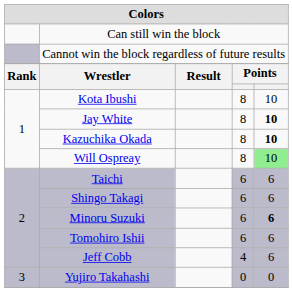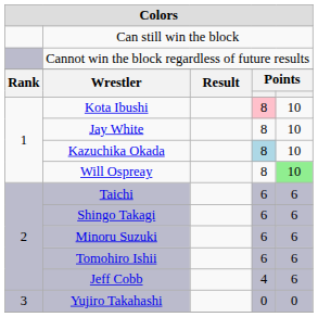 <table class="wikitable mw-collapsible mw-collapsed" plainrowheaders sortable" style="text-align: center">
 <tr>
 <th style="background: #DDDDDD;" colspan="5">Colors</th>
 </tr>
 <tr>
 <td></td>
 <td colspan="4">Can still win the block</td>
 </tr>
 <tr>
 <td style="background: #BBBBCC;"><br></td>
 <td colspan="4">Cannot win the block regardless of future results</td>
 </tr>
 <tr>
 </tr>
 <tr>
 <th scope="col" rowspan="2">Rank</th>
 <th scope="col" rowspan="2">Wrestler</th>
 <th scope="col" rowspan="2">Result</th>
 <th scope="col" colspan="2">Points</th>
 </tr>
 <tr>
 <th></th>
 <th></th>
 </tr>
 <tr>
 <td rowspan="4">1</td>
 <td><a href='#'>Kota Ibushi</a></td>
 <td></td>
-<td>8</td>
+<td style="background: pink;">8</td>
 <td>10</td>
 </tr>
 <tr>
 <td><a href='#'>Jay White</a></td>
 <td></td>
 <td>8</td>
-<td><strong>10</strong></td>
+<td>10</td>
 </tr>
 <tr>
 <td><a href='#'>Kazuchika Okada</a></td>
 <td></td>
-<td>8</td>
-<td><strong>10</strong></td>
+<td style="background: lightblue;">8</td>
+<td>10</td>
 </tr>
 <tr>
 <td><a href='#'>Will Ospreay</a></td>
 <td></td>
 <td>8</td>
 <td style="background: lightgreen;">10</td>
 </tr>
 <tr>
 <td rowspan="5" style="background: #BBBBCC;">2</td>
 <td style="background: #BBBBCC;"><a href='#'>Taichi</a></td>
 <td></td>
 <td style="background: #BBBBCC;">6</td>
 <td style="background: #BBBBCC;">6</td>
 </tr>
 <tr>
 <td style="background: #BBBBCC;"><a href='#'>Shingo Takagi</a></td>
 <td></td>
 <td style="background: #BBBBCC;">6</td>
 <td style="background: #BBBBCC;">6</td>
 </tr>
 <tr>
 <td style="background: #BBBBCC;"><a href='#'>Minoru Suzuki</a></td>
 <td></td>
 <td style="background: #BBBBCC;">6</td>
-<td style="background: #BBBBCC;"><strong>6</strong></td>
+<td style="background: #BBBBCC;">6</td>
 </tr>
 <tr>
 <td style="background: #BBBBCC;"><a href='#'>Tomohiro Ishii</a></td>
 <td></td>
 <td style="background: #BBBBCC;">6</td>
 <td style="background: #BBBBCC;">6</td>
 </tr>
 <tr>
 <td style="background: #BBBBCC;"><a href='#'>Jeff Cobb</a></td>
 <td></td>
 <td style="background: #BBBBCC;">4</td>
 <td style="background: #BBBBCC;">6</td>
 </tr>
 <tr>
 <td style="background: #BBBBCC;">3</td>
 <td style="background: #BBBBCC;"><a href='#'>Yujiro Takahashi</a></td>
 <td></td>
 <td style="background: #BBBBCC;">0</td>
 <td style="background: #BBBBCC;">0</td>
 </tr>
 <tr>
 </tr>
 </table>
